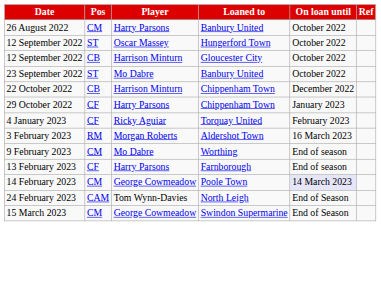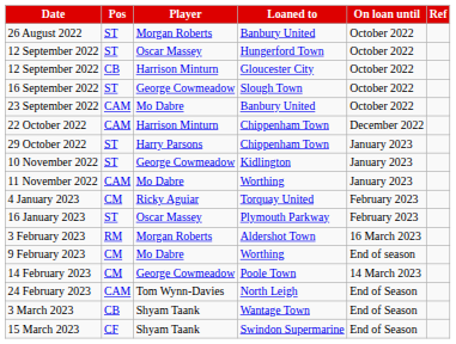 <table class="wikitable plainrowheaders sortable">
 <tr>
 <th style="background:#dd0000; color:#FFFFFF; ">Date</th>
 <th style="background:#dd0000; color:#FFFFFF; ">Pos</th>
 <th style="background:#dd0000; color:#FFFFFF; ">Player</th>
 <th style="background:#dd0000; color:#FFFFFF; ">Loaned to</th>
 <th style="background:#dd0000; color:#FFFFFF; ">On loan until</th>
 <th style="background:#dd0000; color:#FFFFFF; ">Ref</th>
 </tr>
 <tr>
 <td>26 August 2022</td>
-<td><a href='#'>CM</a></td>
-<td> <a href='#'>Harry Parsons</a></td>
+<td><a href='#'>ST</a></td>
+<td> <a href='#'>Morgan Roberts</a></td>
 <td> <a href='#'>Banbury United</a></td>
 <td>October 2022</td>
 <td></td>
 </tr>
 <tr>
 <td>12 September 2022</td>
 <td><a href='#'>ST</a></td>
 <td> <a href='#'>Oscar Massey</a></td>
 <td> <a href='#'>Hungerford Town</a></td>
 <td>October 2022</td>
 <td></td>
 </tr>
 <tr>
 <td>12 September 2022</td>
 <td><a href='#'>CB</a></td>
 <td>  <a href='#'>Harrison Minturn</a></td>
 <td> <a href='#'>Gloucester City</a></td>
 <td>October 2022</td>
 <td></td>
 </tr>
 <tr>
+<td>16 September 2022</td>
+<td><a href='#'>ST</a></td>
+<td> <a href='#'>George Cowmeadow</a></td>
+<td>  <a href='#'>Slough Town</a></td>
+<td>October 2022</td>
+<td></td>
+</tr>
+<tr>
 <td>23 September 2022</td>
-<td><a href='#'>ST</a></td>
+<td><a href='#'>CAM</a></td>
 <td> <a href='#'>Mo Dabre</a></td>
 <td> <a href='#'>Banbury United</a></td>
 <td>October 2022</td>
 <td></td>
 </tr>
 <tr>
 <td>22 October 2022</td>
-<td><a href='#'>CB</a></td>
+<td><a href='#'>CAM</a></td>
 <td>  <a href='#'>Harrison Minturn</a></td>
 <td> <a href='#'>Chippenham Town</a></td>
 <td>December 2022</td>
 <td></td>
 </tr>
 <tr>
 <td>29 October 2022</td>
-<td><a href='#'>CF</a></td>
+<td><a href='#'>ST</a></td>
 <td> <a href='#'>Harry Parsons</a></td>
 <td> <a href='#'>Chippenham Town</a></td>
 <td>January 2023</td>
 <td></td>
 </tr>
 <tr>
+<td>10 November 2022</td>
+<td><a href='#'>ST</a></td>
+<td> <a href='#'>George Cowmeadow</a></td>
+<td>  <a href='#'>Kidlington</a></td>
+<td>January 2023</td>
+<td></td>
+</tr>
+<tr>
+<td>11 November 2022</td>
+<td><a href='#'>CAM</a></td>
+<td> <a href='#'>Mo Dabre</a></td>
+<td>   <a href='#'>Worthing</a></td>
+<td>January 2023</td>
+<td></td>
+</tr>
+<tr>
 <td>4 January 2023</td>
-<td><a href='#'>CF</a></td>
+<td><a href='#'>CM</a></td>
 <td> <a href='#'>Ricky Aguiar</a></td>
 <td>   <a href='#'>Torquay United</a></td>
+<td>February 2023</td>
+<td></td>
+</tr>
+<tr>
+<td>16 January 2023</td>
+<td><a href='#'>ST</a></td>
+<td> <a href='#'>Oscar Massey</a></td>
+<td> <a href='#'>Plymouth Parkway</a></td>
 <td>February 2023</td>
 <td></td>
 </tr>
 <tr>
 <td>3 February 2023</td>
 <td><a href='#'>RM</a></td>
 <td> <a href='#'>Morgan Roberts</a></td>
 <td> <a href='#'>Aldershot Town</a></td>
 <td>16 March 2023</td>
 <td></td>
 </tr>
 <tr>
 <td>9 February 2023</td>
 <td><a href='#'>CM</a></td>
 <td> <a href='#'>Mo Dabre</a></td>
 <td> <a href='#'>Worthing</a></td>
 <td>End of season</td>
 <td></td>
 </tr>
 <tr>
-<td>13 February 2023</td>
-<td><a href='#'>CF</a></td>
-<td> <a href='#'>Harry Parsons</a></td>
-<td> <a href='#'>Farnborough</a></td>
-<td>End of season</td>
-<td></td>
-</tr>
-<tr>
 <td>14 February 2023</td>
 <td><a href='#'>CM</a></td>
 <td> <a href='#'>George Cowmeadow</a></td>
 <td> <a href='#'>Poole Town</a></td>
-<td style="background: lavender;">14 March 2023</td>
+<td>14 March 2023</td>
 <td></td>
 </tr>
 <tr>
 <td>24 February 2023</td>
 <td><a href='#'>CAM</a></td>
 <td> Tom Wynn-Davies</td>
 <td> <a href='#'>North Leigh</a></td>
 <td>End of Season</td>
 <td></td>
 </tr>
 <tr>
+<td>3 March 2023</td>
+<td><a href='#'>CB</a></td>
+<td> Shyam Taank</td>
+<td> <a href='#'>Wantage Town</a></td>
+<td>End of Season</td>
+<td></td>
+</tr>
+<tr>
 <td>15 March 2023</td>
-<td><a href='#'>CM</a></td>
-<td> <a href='#'>George Cowmeadow</a></td>
+<td><a href='#'>CF</a></td>
+<td> Shyam Taank</td>
 <td> <a href='#'>Swindon Supermarine</a></td>
 <td>End of Season</td>
 <td></td>
 </tr>
 </table>
